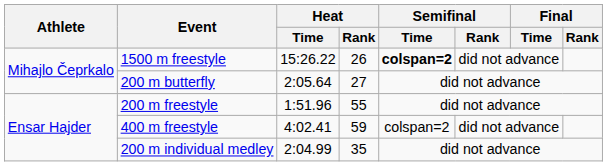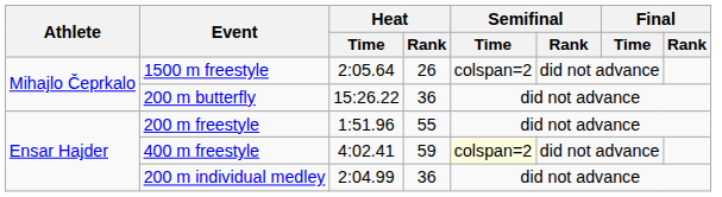 <table class=wikitable style="font-size:90%">
 <tr>
 <th rowspan="2">Athlete</th>
 <th rowspan="2">Event</th>
 <th colspan="2">Heat</th>
 <th colspan="2">Semifinal</th>
 <th colspan="2">Final</th>
 </tr>
 <tr style="font-size:95%">
 <th>Time</th>
 <th>Rank</th>
 <th>Time</th>
 <th>Rank</th>
 <th>Time</th>
 <th>Rank</th>
 </tr>
 <tr align=center>
 <td align=left rowspan=2><a href='#'>Mihajlo Čeprkalo</a></td>
 <td align=left><a href='#'>1500 m freestyle</a></td>
-<td>15:26.22</td>
+<td>2:05.64</td>
 <td>26</td>
-<td><strong>colspan=2 </strong></td>
+<td>colspan=2 </td>
 <td colspan=2>did not advance</td>
 </tr>
 <tr align=center>
 <td align=left><a href='#'>200 m butterfly</a></td>
-<td>2:05.64</td>
-<td>27</td>
+<td>15:26.22</td>
+<td>36</td>
 <td colspan=4>did not advance</td>
 </tr>
 <tr align=center>
 <td align=left rowspan=3><a href='#'>Ensar Hajder</a></td>
 <td align=left><a href='#'>200 m freestyle</a></td>
 <td>1:51.96</td>
 <td>55</td>
 <td colspan=4>did not advance</td>
 </tr>
 <tr align=center>
 <td align=left><a href='#'>400 m freestyle</a></td>
 <td>4:02.41</td>
 <td>59</td>
-<td>colspan=2 </td>
+<td style="background: lightyellow;">colspan=2 </td>
 <td colspan=2>did not advance</td>
 </tr>
 <tr align=center>
 <td align=left><a href='#'>200 m individual medley</a></td>
 <td>2:04.99</td>
-<td>35</td>
+<td>36</td>
 <td colspan=4>did not advance</td>
 </tr>
 </table>
